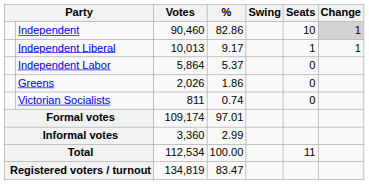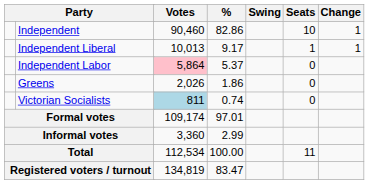 <table class="wikitable" style="text-align:right; margin-bottom:0">
 <tr>
 <th colspan="3" style="width:10px">Party</th>
 <th style="width:70px;">Votes</th>
 <th style="width:40px;">%</th>
 <th style="width:40px;">Swing</th>
 <th style="width:40px;">Seats</th>
 <th style="width:40px;">Change</th>
 </tr>
 <tr>
 <td> </td>
 <td colspan="2" style="text-align:left;"><a href='#'>Independent</a></td>
 <td style="width:70px;">90,460</td>
 <td style="width:40px;">82.86</td>
 <td style="width:45px;"></td>
 <td style="width:40px;">10</td>
-<td style="background: lightgrey; width:40px;"> 1</td>
+<td style="width:40px;"> 1</td>
 </tr>
 <tr>
 <td> </td>
 <td colspan="2" style="text-align:left;"><a href='#'>Independent Liberal</a></td>
 <td>10,013</td>
 <td>9.17</td>
 <td></td>
 <td>1</td>
 <td> 1</td>
 </tr>
 <tr>
 <td> </td>
 <td colspan="2" style="text-align:left;"><a href='#'>Independent Labor</a></td>
-<td>5,864</td>
+<td style="background: pink;">5,864</td>
 <td>5.37</td>
 <td></td>
 <td>0</td>
 <td></td>
 </tr>
 <tr>
 <td> </td>
 <td colspan="2" style="text-align:left;"><a href='#'>Greens</a></td>
 <td>2,026</td>
 <td>1.86</td>
 <td></td>
 <td>0</td>
 <td></td>
 </tr>
 <tr>
 <td> </td>
 <td colspan="2" style="text-align:left;"><a href='#'>Victorian Socialists</a></td>
-<td>811</td>
+<td style="background: lightblue;">811</td>
 <td>0.74</td>
 <td></td>
 <td>0</td>
 <td></td>
 </tr>
 <tr>
 <th colspan="3" rowspan="1"> Formal votes</th>
 <td>109,174</td>
 <td>97.01</td>
 <td></td>
 <td></td>
 <td></td>
 </tr>
 <tr>
 <th colspan="3" rowspan="1"> Informal votes</th>
 <td>3,360</td>
 <td>2.99</td>
 <td></td>
 <td></td>
 <td></td>
 </tr>
 <tr>
 <th colspan="3" rowspan="1"> Total</th>
 <td>112,534</td>
 <td>100.00</td>
 <td></td>
 <td>11</td>
 <td></td>
 </tr>
 <tr>
 <th colspan="3" rowspan="1"> Registered voters / turnout</th>
 <td>134,819</td>
 <td>83.47</td>
 <td></td>
 <td></td>
 <td></td>
 </tr>
 </table>
